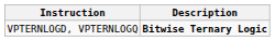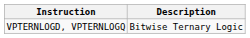 <table class="wikitable">
 <tr>
 <th scope="col">Instruction</th>
 <th scope="col">Description</th>
 </tr>
 <tr>
 <td><code>VPTERNLOGD</code>, <code>VPTERNLOGQ</code></td>
-<td><strong>Bitwise Ternary Logic</strong></td>
+<td>Bitwise Ternary Logic</td>
 </tr>
 </table>
